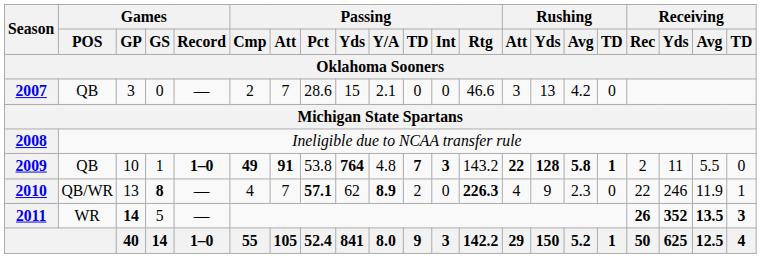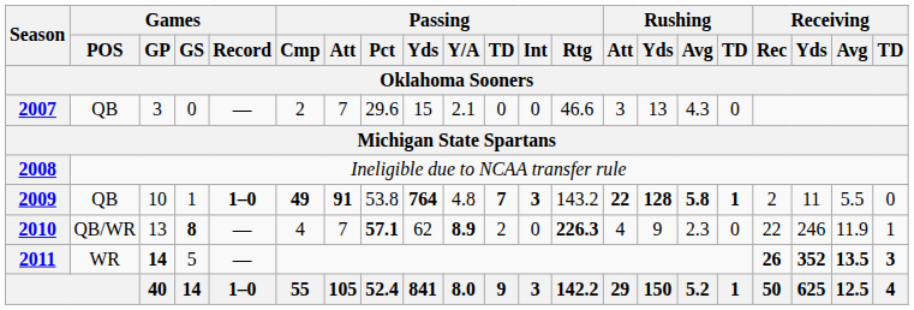 <table class="wikitable" style="text-align:center;">
 <tr>
 <th rowspan="2">Season</th>
 <th colspan="4">Games</th>
 <th colspan="8">Passing</th>
 <th colspan="4">Rushing</th>
 <th colspan="4">Receiving</th>
 </tr>
 <tr>
 <th>POS</th>
 <th>GP</th>
 <th>GS</th>
 <th>Record</th>
 <th>Cmp</th>
 <th>Att</th>
 <th>Pct</th>
 <th>Yds</th>
 <th>Y/A</th>
 <th>TD</th>
 <th>Int</th>
 <th>Rtg</th>
 <th>Att</th>
 <th>Yds</th>
 <th>Avg</th>
 <th>TD</th>
 <th>Rec</th>
 <th>Yds</th>
 <th>Avg</th>
 <th>TD</th>
 </tr>
 <tr>
 <th colspan="24">Oklahoma Sooners</th>
 </tr>
 <tr>
 <th><a href='#'>2007</a></th>
 <td>QB</td>
 <td>3</td>
 <td>0</td>
 <td>—</td>
 <td>2</td>
 <td>7</td>
-<td>28.6</td>
+<td>29.6</td>
 <td>15</td>
 <td>2.1</td>
 <td>0</td>
 <td>0</td>
 <td>46.6</td>
 <td>3</td>
 <td>13</td>
-<td>4.2</td>
+<td>4.3</td>
 <td>0</td>
 </tr>
 <tr>
 <th colspan="24">Michigan State Spartans</th>
 </tr>
 <tr>
 <th><a href='#'>2008</a></th>
 <td colspan="24"><em>Ineligible due to NCAA transfer rule</em></td>
 </tr>
 <tr>
 <th><a href='#'>2009</a></th>
 <td>QB</td>
 <td>10</td>
 <td>1</td>
 <td><strong>1–0</strong></td>
 <td><strong>49</strong></td>
 <td><strong>91</strong></td>
 <td>53.8</td>
 <td><strong>764</strong></td>
 <td>4.8</td>
 <td><strong>7</strong></td>
 <td><strong>3</strong></td>
 <td>143.2</td>
 <td><strong>22</strong></td>
 <td><strong>128</strong></td>
 <td><strong>5.8</strong></td>
 <td><strong>1</strong></td>
 <td>2</td>
 <td>11</td>
 <td>5.5</td>
 <td>0</td>
 </tr>
 <tr>
 <th><a href='#'>2010</a></th>
 <td>QB/WR</td>
 <td>13</td>
 <td><strong>8</strong></td>
 <td>—</td>
 <td>4</td>
 <td>7</td>
 <td><strong>57.1</strong></td>
 <td>62</td>
 <td><strong>8.9</strong></td>
 <td>2</td>
 <td>0</td>
 <td><strong>226.3</strong></td>
 <td>4</td>
 <td>9</td>
 <td>2.3</td>
 <td>0</td>
 <td>22</td>
 <td>246</td>
 <td>11.9</td>
 <td>1</td>
 </tr>
 <tr>
 <th><a href='#'>2011</a></th>
 <td>WR</td>
 <td><strong>14</strong></td>
 <td>5</td>
 <td>—</td>
 <td colspan="12"></td>
 <td><strong>26</strong></td>
 <td><strong>352</strong></td>
 <td><strong>13.5</strong></td>
 <td><strong>3</strong></td>
 </tr>
 <tr>
 <th colspan="2"></th>
 <th>40</th>
 <th>14</th>
 <th>1–0</th>
 <th>55</th>
 <th>105</th>
 <th>52.4</th>
 <th>841</th>
 <th>8.0</th>
 <th>9</th>
 <th>3</th>
 <th>142.2</th>
 <th>29</th>
 <th>150</th>
 <th>5.2</th>
 <th>1</th>
 <th>50</th>
 <th>625</th>
 <th>12.5</th>
 <th>4</th>
 </tr>
 </table>
